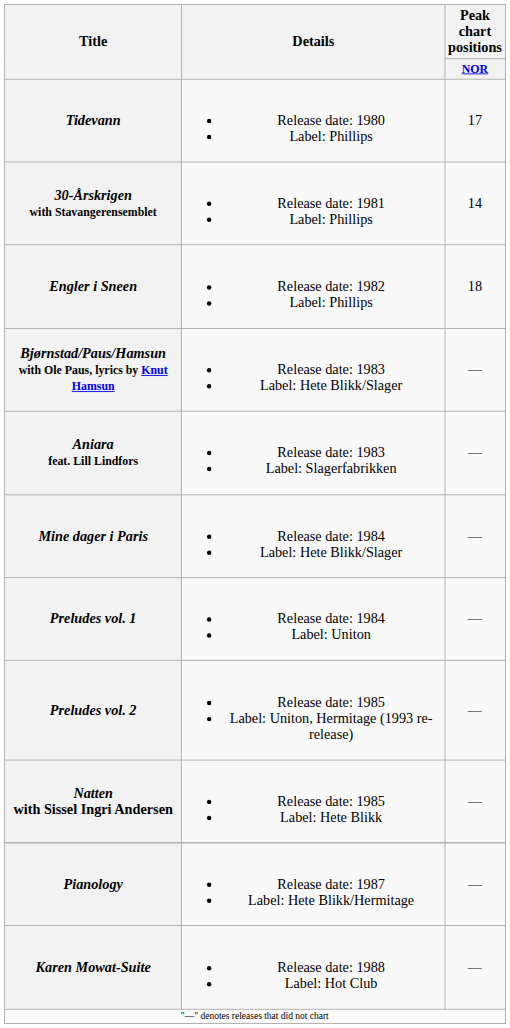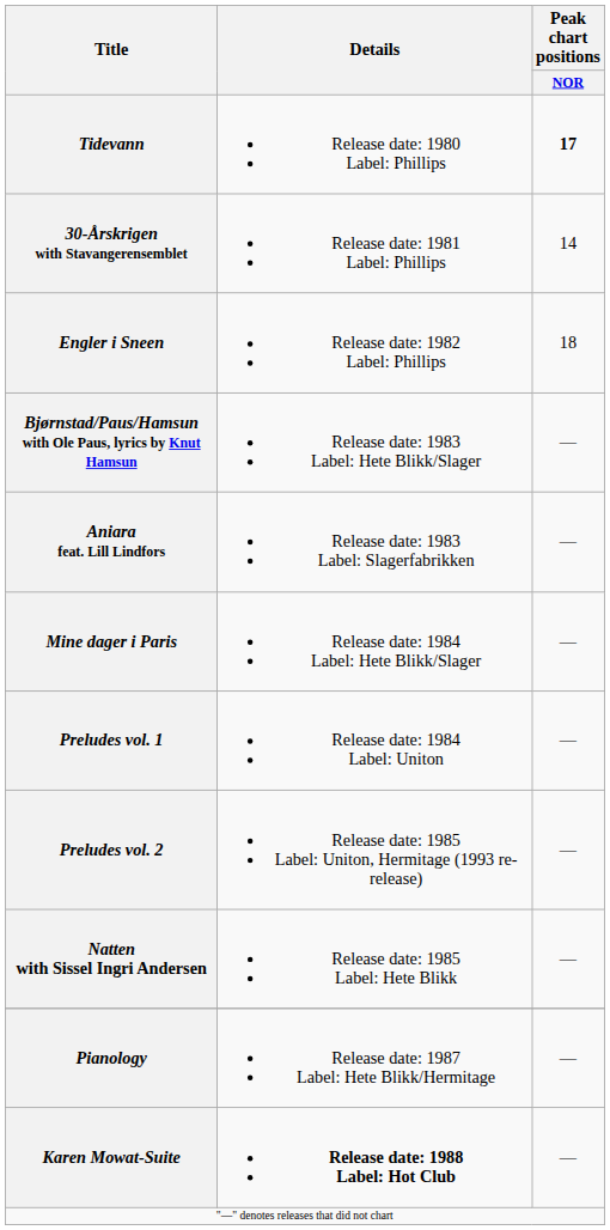 <table class="wikitable plainrowheaders" style="text-align:center;">
 <tr>
 <th rowspan="2" style="width:12em;">Title</th>
 <th rowspan="2" style="width:18em;">Details</th>
 <th>Peak chart positions</th>
 </tr>
 <tr style="font-size:smaller;">
 <th style="width:4em;"><a href='#'>NOR</a><br></th>
 </tr>
 <tr>
 <th scope="row"><em>Tidevann</em></th>
 <td><br><ul><li>Release date: 1980</li><li>Label: Phillips</li></ul></td>
-<td>17</td>
+<td><strong>17</strong></td>
 </tr>
 <tr>
 <th scope="row"><em>30-Årskrigen</em><br> <small>with Stavangerensemblet</small></th>
 <td><br><ul><li>Release date: 1981</li><li>Label: Phillips</li></ul></td>
 <td>14</td>
 </tr>
 <tr>
 <th scope="row"><em>Engler i Sneen</em></th>
 <td><br><ul><li>Release date: 1982</li><li>Label: Phillips</li></ul></td>
 <td>18</td>
 </tr>
 <tr>
 <th scope="row"><em>Bjørnstad/Paus/Hamsun</em> <br><small>with Ole Paus, lyrics by <a href='#'>Knut Hamsun</a> </small></th>
 <td><br><ul><li>Release date: 1983</li><li>Label: Hete Blikk/Slager</li></ul></td>
 <td>—</td>
 </tr>
 <tr>
 <th scope="row"><em>Aniara</em><br> <small>feat. Lill Lindfors </small></th>
 <td><br><ul><li>Release date: 1983</li><li>Label: Slagerfabrikken</li></ul></td>
 <td>—</td>
 </tr>
 <tr>
 <th scope="row"><em>Mine dager i Paris</em></th>
 <td><br><ul><li>Release date: 1984</li><li>Label: Hete Blikk/Slager</li></ul></td>
 <td>—</td>
 </tr>
 <tr>
 <th scope="row"><em>Preludes vol. 1</em></th>
 <td><br><ul><li>Release date: 1984</li><li>Label: Uniton</li></ul></td>
 <td>—</td>
 </tr>
 <tr>
 <th scope="row"><em>Preludes vol. 2</em> </th>
 <td><br><ul><li>Release date: 1985</li><li>Label: Uniton, Hermitage (1993 re-release)</li></ul></td>
 <td>—</td>
 </tr>
 <tr>
 <th scope="row"><em>Natten</em> <br>with Sissel Ingri Andersen</th>
 <td><br><ul><li>Release date: 1985</li><li>Label: Hete Blikk</li></ul></td>
 <td>—</td>
 </tr>
 <tr>
 </tr>
 <tr>
 <th scope="row"><em>Pianology</em></th>
 <td><br><ul><li>Release date: 1987</li><li>Label: Hete Blikk/Hermitage</li></ul></td>
 <td>—</td>
 </tr>
 <tr>
 <th scope="row"><em>Karen Mowat-Suite</em></th>
-<td><br><ul><li>Release date: 1988</li><li>Label: Hot Club</li></ul></td>
+<td><strong><br><ul><li>Release date: 1988</li><li>Label: Hot Club</li></ul></strong></td>
 <td>—</td>
 </tr>
 <tr>
 <td colspan="4" style="font-size:8pt">"—" denotes releases that did not chart</td>
 </tr>
 </table>
